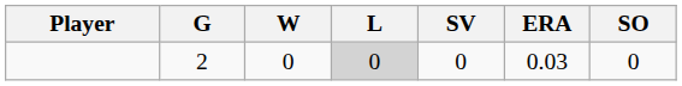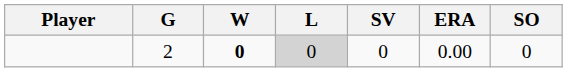 <table class="wikitable sortable">
 <tr>
 <th bgcolor="#DDDDFF" width="16%">Player</th>
 <th bgcolor="#DDDDFF" width="9%">G</th>
 <th bgcolor="#DDDDFF" width="9%">W</th>
 <th bgcolor="#DDDDFF" width="9%">L</th>
 <th bgcolor="#DDDDFF" width="9%">SV</th>
 <th bgcolor="#DDDDFF" width="9%">ERA</th>
 <th bgcolor="#DDDDFF" width="9%">SO</th>
 </tr>
 <tr align="center">
 <td></td>
 <td>2</td>
-<td>0</td>
+<td><strong>0</strong></td>
 <td style="background: lightgrey;">0</td>
 <td>0</td>
-<td>0.03</td>
+<td>0.00</td>
 <td>0</td>
 </tr>
 </table>
